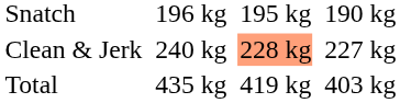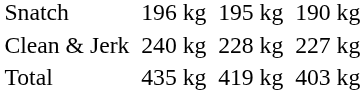 <table>
 <tr>
 <td>Snatch</td>
 <td></td>
 <td>196 kg</td>
 <td></td>
 <td>195 kg</td>
 <td></td>
 <td>190 kg</td>
 </tr>
 <tr>
 <td>Clean & Jerk</td>
 <td></td>
 <td>240 kg</td>
 <td></td>
-<td style="background: lightsalmon;">228 kg</td>
+<td>228 kg</td>
 <td></td>
 <td>227 kg</td>
 </tr>
 <tr>
 <td>Total</td>
 <td></td>
 <td>435 kg</td>
 <td></td>
 <td>419 kg</td>
 <td></td>
 <td>403 kg</td>
 </tr>
 </table>
